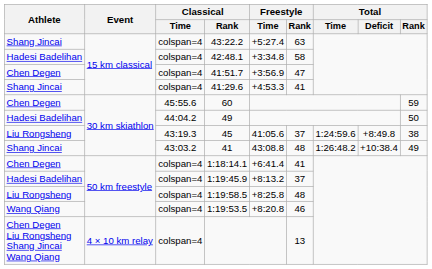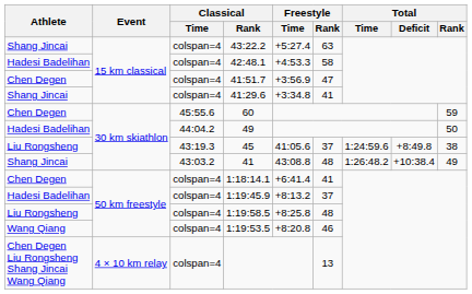 <table class="wikitable" style="font-size:90%">
 <tr>
 <th rowspan=2>Athlete</th>
 <th rowspan=2>Event</th>
 <th colspan=2>Classical</th>
 <th colspan=2>Freestyle</th>
 <th colspan=3>Total</th>
 </tr>
 <tr style="font-size: 95%">
 <th>Time</th>
 <th>Rank</th>
 <th>Time</th>
 <th>Rank</th>
 <th>Time</th>
 <th>Deficit</th>
 <th>Rank</th>
 </tr>
 <tr align=center>
 <td align=left><a href='#'>Shang Jincai</a></td>
 <td align=left rowspan=4><a href='#'>15 km classical</a></td>
 <td>colspan=4 </td>
 <td>43:22.2</td>
 <td>+5:27.4</td>
 <td>63</td>
 </tr>
 <tr align=center>
 <td align=left><a href='#'>Hadesi Badelihan</a></td>
 <td>colspan=4 </td>
 <td>42:48.1</td>
-<td>+3:34.8</td>
+<td>+4:53.3</td>
 <td>58</td>
 </tr>
 <tr align=center>
 <td align=left><a href='#'>Chen Degen</a></td>
 <td>colspan=4 </td>
 <td>41:51.7</td>
 <td>+3:56.9</td>
 <td>47</td>
 </tr>
 <tr align=center>
 <td align=left><a href='#'>Shang Jincai</a></td>
 <td>colspan=4 </td>
 <td>41:29.6</td>
-<td>+4:53.3</td>
+<td>+3:34.8</td>
 <td>41</td>
 </tr>
 <tr align=center>
 <td align=left><a href='#'>Chen Degen</a></td>
 <td align=left rowspan=4><a href='#'>30 km skiathlon</a></td>
 <td>45:55.6</td>
 <td>60</td>
 <td colspan=4></td>
 <td>59</td>
 </tr>
 <tr align=center>
 <td align=left><a href='#'>Hadesi Badelihan</a></td>
 <td>44:04.2</td>
 <td>49</td>
 <td colspan=4></td>
 <td>50</td>
 </tr>
 <tr align=center>
 <td align=left><a href='#'>Liu Rongsheng</a></td>
 <td>43:19.3</td>
 <td>45</td>
 <td>41:05.6</td>
 <td>37</td>
 <td>1:24:59.6</td>
 <td>+8:49.8</td>
 <td>38</td>
 </tr>
 <tr align=center>
 <td align=left><a href='#'>Shang Jincai</a></td>
 <td>43:03.2</td>
 <td>41</td>
 <td>43:08.8</td>
 <td>48</td>
 <td>1:26:48.2</td>
 <td>+10:38.4</td>
 <td>49</td>
 </tr>
 <tr align=center>
 <td align=left><a href='#'>Chen Degen</a></td>
 <td align=left rowspan=4><a href='#'>50 km freestyle</a></td>
 <td>colspan=4 </td>
 <td>1:18:14.1</td>
 <td>+6:41.4</td>
 <td>41</td>
 </tr>
 <tr align=center>
 <td align=left><a href='#'>Hadesi Badelihan</a></td>
 <td>colspan=4 </td>
 <td>1:19:45.9</td>
 <td>+8:13.2</td>
 <td>37</td>
 </tr>
 <tr align=center>
 <td align=left><a href='#'>Liu Rongsheng</a></td>
 <td>colspan=4 </td>
 <td>1:19:58.5</td>
 <td>+8:25.8</td>
 <td>48</td>
 </tr>
 <tr align=center>
 <td align=left><a href='#'>Wang Qiang</a></td>
 <td>colspan=4 </td>
 <td>1:19:53.5</td>
 <td>+8:20.8</td>
 <td>46</td>
 </tr>
 <tr align=center>
 <td align=left><a href='#'>Chen Degen</a><br><a href='#'>Liu Rongsheng</a><br><a href='#'>Shang Jincai</a><br><a href='#'>Wang Qiang</a></td>
 <td align=left><a href='#'>4 × 10 km relay</a></td>
 <td>colspan=4 </td>
 <td colspan=2></td>
 <td>13</td>
 </tr>
 </table>
